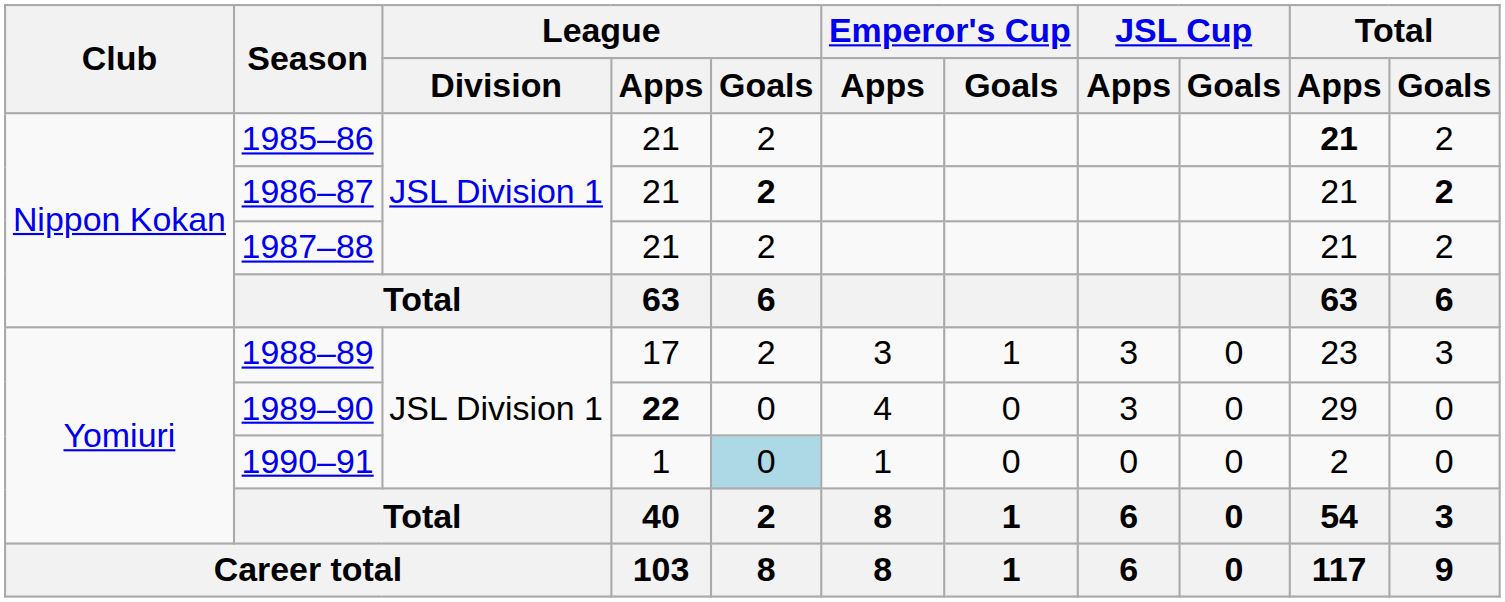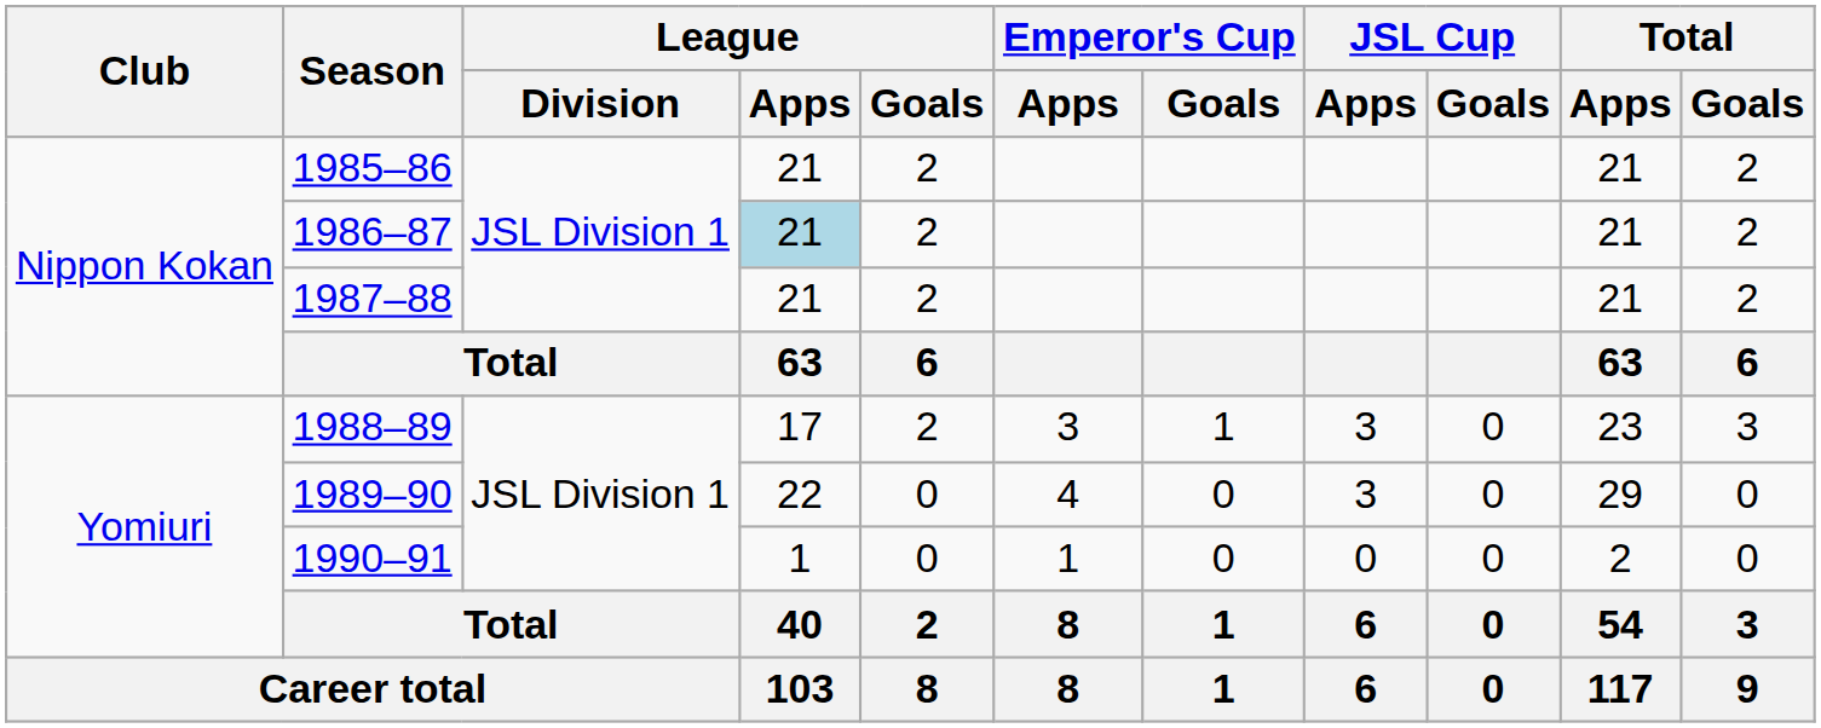 <table class="wikitable" style="text-align:center">
 <tr>
 <th rowspan="2">Club</th>
 <th rowspan="2">Season</th>
 <th colspan="3">League</th>
 <th colspan="2"><a href='#'>Emperor's Cup</a></th>
 <th colspan="2"><a href='#'>JSL Cup</a></th>
 <th colspan="2">Total</th>
 </tr>
 <tr>
 <th>Division</th>
 <th>Apps</th>
 <th>Goals</th>
 <th>Apps</th>
 <th>Goals</th>
 <th>Apps</th>
 <th>Goals</th>
 <th>Apps</th>
 <th>Goals</th>
 </tr>
 <tr>
 <td rowspan="4"><a href='#'>Nippon Kokan</a></td>
 <td><a href='#'>1985–86</a></td>
 <td rowspan="3"><a href='#'>JSL Division 1</a></td>
 <td>21</td>
 <td>2</td>
 <td></td>
 <td></td>
 <td></td>
 <td></td>
-<td><strong>21</strong></td>
+<td>21</td>
 <td>2</td>
 </tr>
 <tr>
 <td><a href='#'>1986–87</a></td>
-<td>21</td>
-<td><strong>2</strong></td>
+<td style="background: lightblue;">21</td>
+<td>2</td>
 <td></td>
 <td></td>
 <td></td>
 <td></td>
 <td>21</td>
-<td><strong>2</strong></td>
+<td>2</td>
 </tr>
 <tr>
 <td><a href='#'>1987–88</a></td>
 <td>21</td>
 <td>2</td>
 <td></td>
 <td></td>
 <td></td>
 <td></td>
 <td>21</td>
 <td>2</td>
 </tr>
 <tr>
 <th colspan="2">Total</th>
 <th>63</th>
 <th>6</th>
 <th></th>
 <th></th>
 <th></th>
 <th></th>
 <th>63</th>
 <th>6</th>
 </tr>
 <tr>
 <td rowspan="4"><a href='#'>Yomiuri</a></td>
 <td><a href='#'>1988–89</a></td>
 <td rowspan="3">JSL Division 1</td>
 <td>17</td>
 <td>2</td>
 <td>3</td>
 <td>1</td>
 <td>3</td>
 <td>0</td>
 <td>23</td>
 <td>3</td>
 </tr>
 <tr>
 <td><a href='#'>1989–90</a></td>
-<td><strong>22</strong></td>
+<td>22</td>
 <td>0</td>
 <td>4</td>
 <td>0</td>
 <td>3</td>
 <td>0</td>
 <td>29</td>
 <td>0</td>
 </tr>
 <tr>
 <td><a href='#'>1990–91</a></td>
 <td>1</td>
-<td style="background: lightblue;">0</td>
+<td>0</td>
 <td>1</td>
 <td>0</td>
 <td>0</td>
 <td>0</td>
 <td>2</td>
 <td>0</td>
 </tr>
 <tr>
 <th colspan="2">Total</th>
 <th>40</th>
 <th>2</th>
 <th>8</th>
 <th>1</th>
 <th>6</th>
 <th>0</th>
 <th>54</th>
 <th>3</th>
 </tr>
 <tr>
 <th colspan="3">Career total</th>
 <th>103</th>
 <th>8</th>
 <th>8</th>
 <th>1</th>
 <th>6</th>
 <th>0</th>
 <th>117</th>
 <th>9</th>
 </tr>
 </table>
